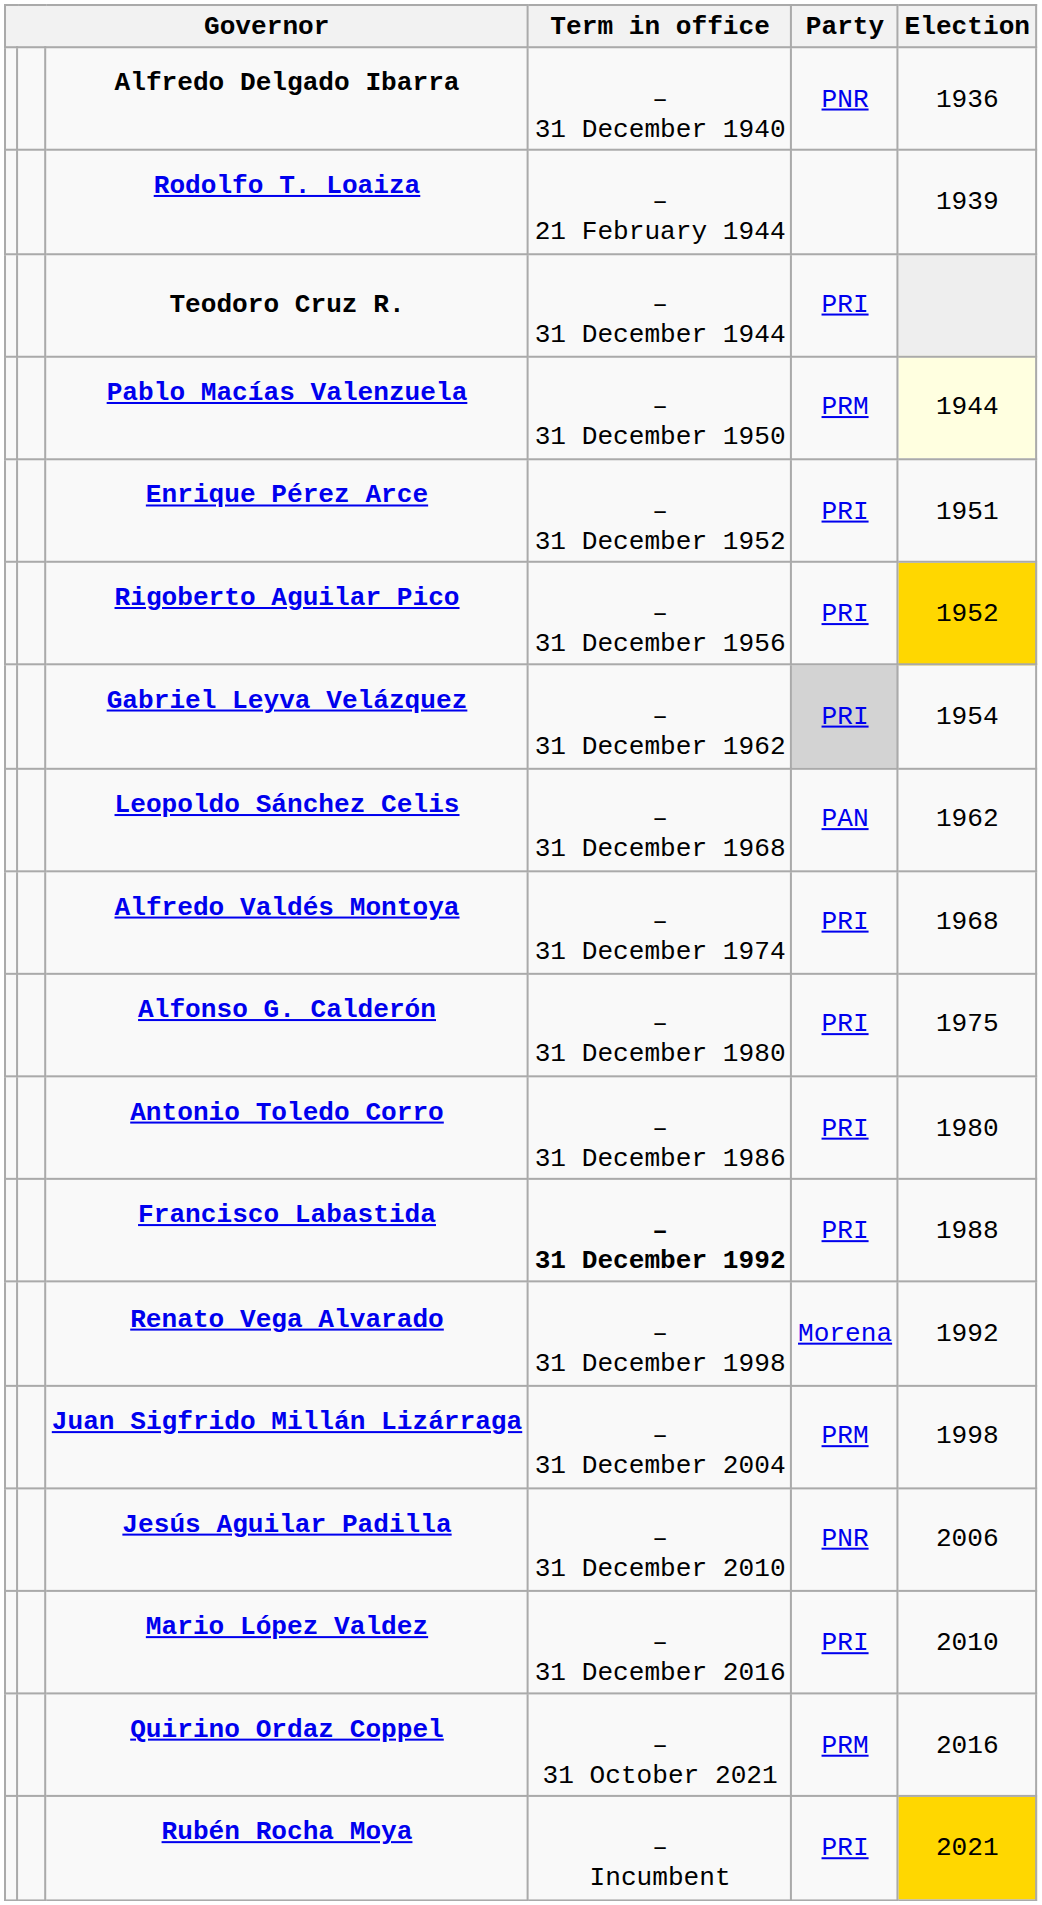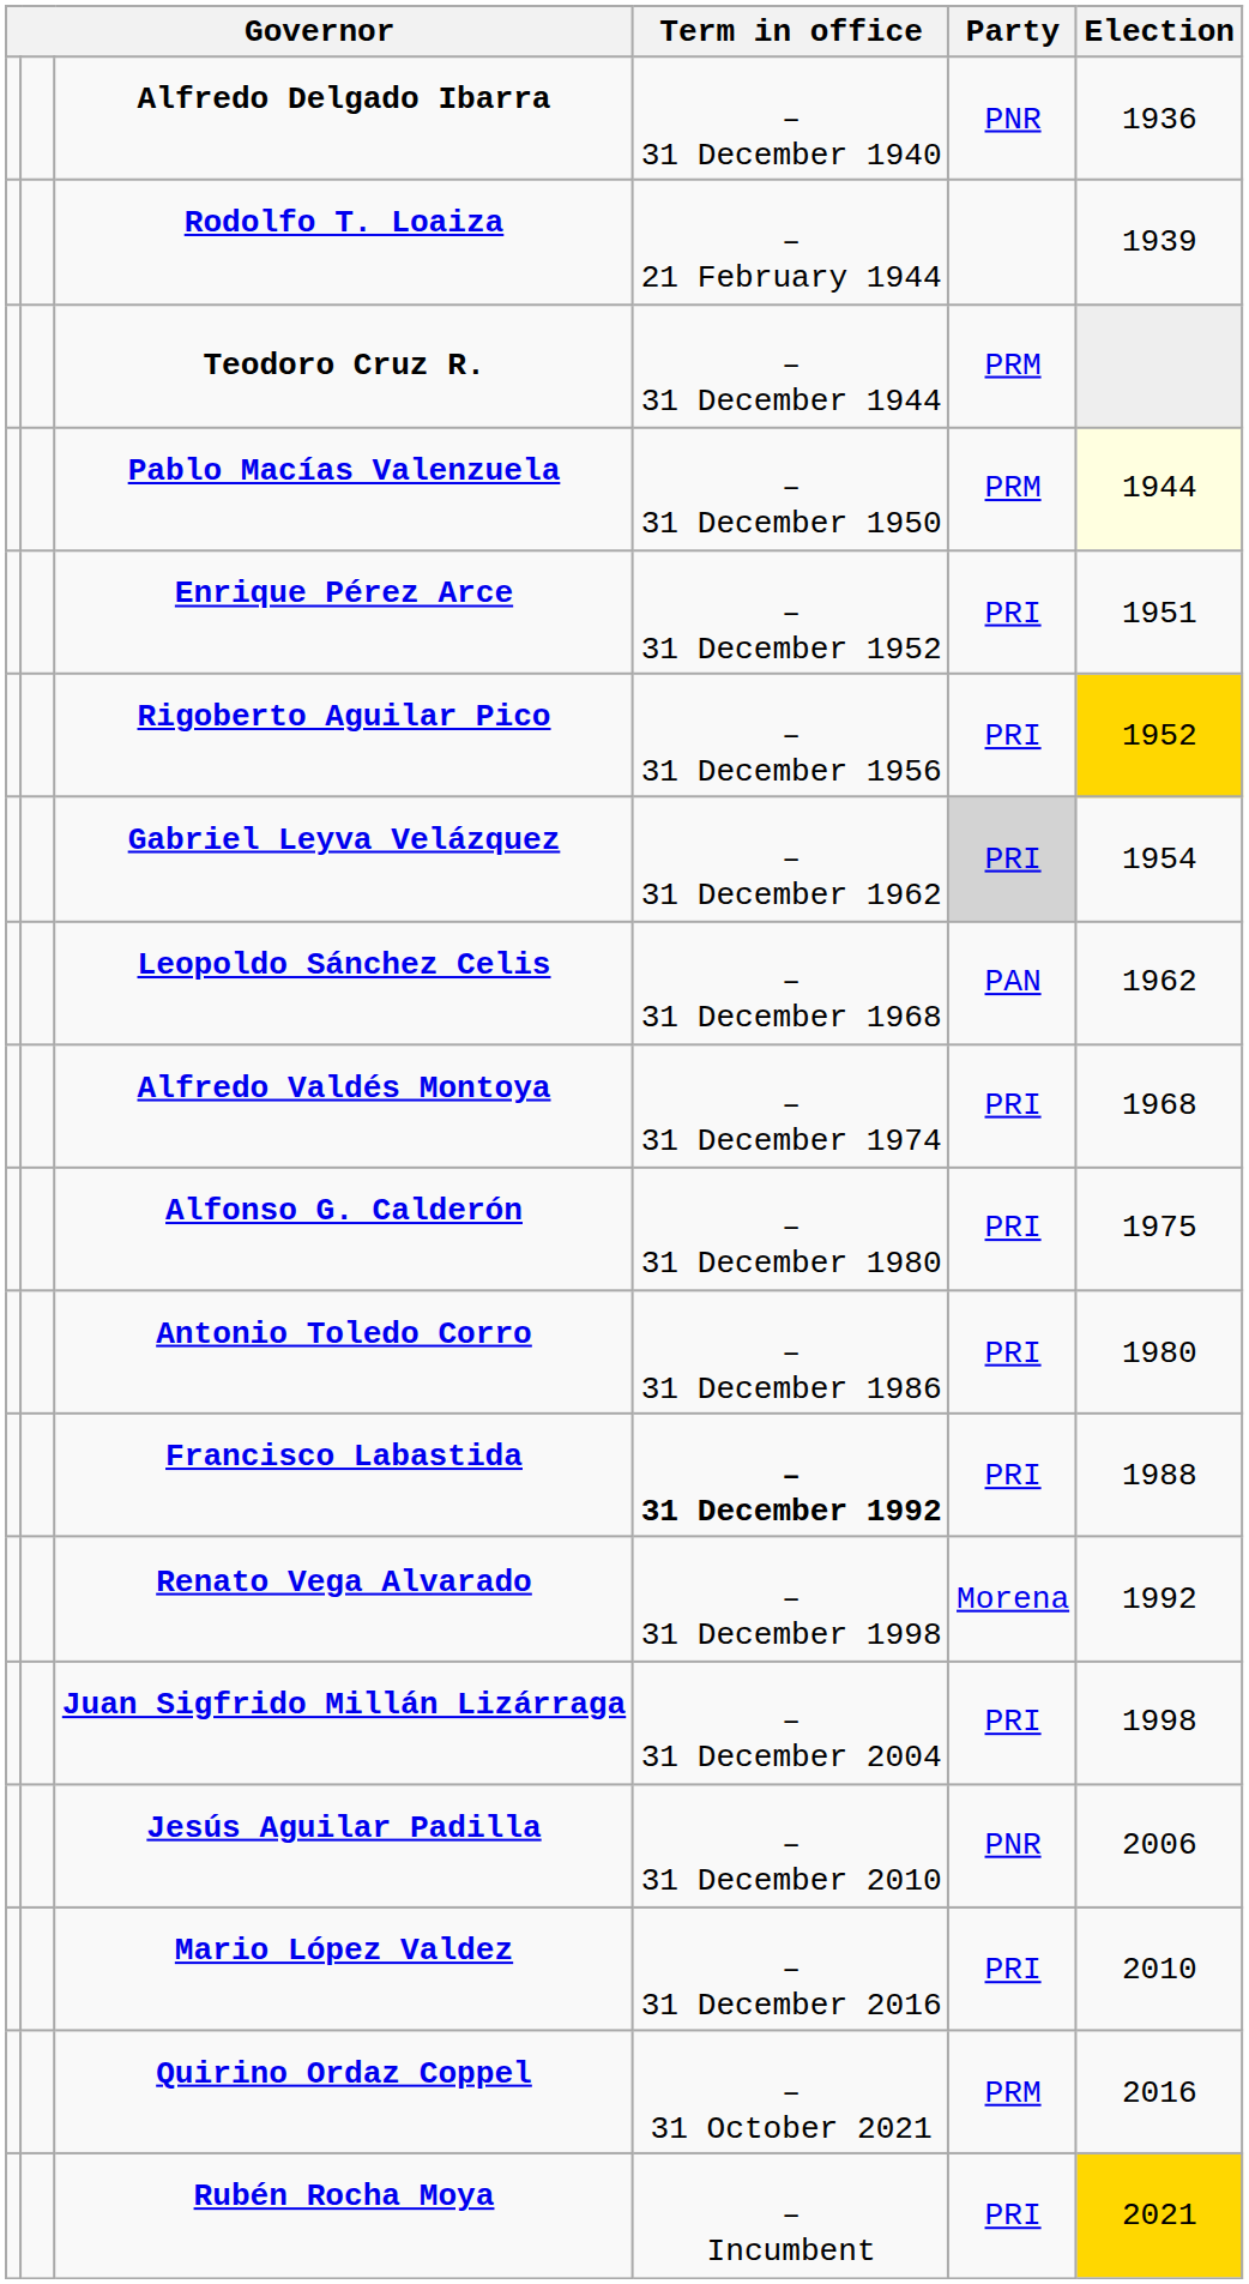 <table class="wikitable sortable mw-collapsible sticky-header-multi" style="text-align:center;">
 <tr>
 <th scope="colgroup" colspan="3">Governor</th>
 <th scope="col">Term in office</th>
 <th scope="col">Party</th>
 <th scope="col">Election</th>
 </tr>
 <tr style="height:2em;">
 <td data-sort-value="Delgado Ibarra, Alfredo"></td>
 <td style="background: "> </td>
 <td><strong>Alfredo Delgado Ibarra</strong><br><br></td>
 <td><br>–<br>31 December 1940</td>
 <td><a href='#'>PNR</a></td>
 <td>1936</td>
 </tr>
 <tr style="height:2em;">
 <td data-sort-value="Loaiza Tostado, Rodolfo"></td>
 <td style="background: "> </td>
 <td><strong><a href='#'>Rodolfo T. Loaiza</a></strong><br><br></td>
 <td><br>–<br>21 February 1944<br></td>
 <td></td>
 <td>1939</td>
 </tr>
 <tr style="height:2em;">
 <td data-sort-value="Cruz Ricardo, Teodoro"></td>
 <td style="background: "> </td>
 <td><strong>Teodoro Cruz R.</strong></td>
 <td><br>–<br>31 December 1944</td>
-<td><a href='#'>PRI</a></td>
+<td><a href='#'>PRM</a></td>
 <td style="background:#EEEEEE;"></td>
 </tr>
 <tr style="height:2em;">
 <td data-sort-value="Macías Valenzuela, Pablo"></td>
 <td style="background: "> </td>
 <td><strong><a href='#'>Pablo Macías Valenzuela</a></strong><br><br></td>
 <td><br>–<br>31 December 1950</td>
 <td><a href='#'>PRM</a></td>
 <td style="background: lightyellow;">1944</td>
 </tr>
 <tr style="height:2em;">
 <td data-sort-value="Pérez Arce, Enrique"></td>
 <td style="background: "> </td>
 <td><strong><a href='#'>Enrique Pérez Arce</a></strong><br><br></td>
 <td><br>–<br>31 December 1952</td>
 <td><a href='#'>PRI</a></td>
 <td>1951</td>
 </tr>
 <tr style="height:2em;">
 <td data-sort-value="Aguilar Pico, Rigoberto"></td>
 <td style="background: "> </td>
 <td><strong><a href='#'>Rigoberto Aguilar Pico</a></strong><br><br></td>
 <td><br>–<br>31 December 1956</td>
 <td><a href='#'>PRI</a></td>
 <td style="background: gold;">1952</td>
 </tr>
 <tr style="height:2em;">
 <td data-sort-value="Leyva Velázquez, Gabriel"></td>
 <td style="background: "> </td>
 <td><strong><a href='#'>Gabriel Leyva Velázquez</a></strong><br><br></td>
 <td><br>–<br>31 December 1962</td>
 <td style="background: lightgrey;"><a href='#'>PRI</a></td>
 <td>1954</td>
 </tr>
 <tr style="height:2em;">
 <td data-sort-value="Sánchez Celis, Leopoldo"></td>
 <td style="background: "> </td>
 <td><strong><a href='#'>Leopoldo Sánchez Celis</a></strong><br><br></td>
 <td><br>–<br>31 December 1968</td>
 <td><a href='#'>PAN</a></td>
 <td>1962</td>
 </tr>
 <tr style="height:2em;">
 <td data-sort-value="Valdés Montoya, Alfredo"></td>
 <td style="background: "> </td>
 <td><strong><a href='#'>Alfredo Valdés Montoya</a></strong><br><br></td>
 <td><br>–<br>31 December 1974</td>
 <td><a href='#'>PRI</a></td>
 <td>1968</td>
 </tr>
 <tr style="height:2em;">
 <td data-sort-value="Calderón Velarde, Alfonso"></td>
 <td style="background: "> </td>
 <td><strong><a href='#'>Alfonso G. Calderón</a></strong><br><br></td>
 <td><br>–<br>31 December 1980</td>
 <td><a href='#'>PRI</a></td>
 <td>1975</td>
 </tr>
 <tr style="height:2em;">
 <td data-sort-value="Toledo Corro, Antonio"></td>
 <td style="background: "> </td>
 <td><strong><a href='#'>Antonio Toledo Corro</a></strong><br><br></td>
 <td><br>–<br>31 December 1986</td>
 <td><a href='#'>PRI</a></td>
 <td>1980</td>
 </tr>
 <tr style="height:2em;">
 <td data-sort-value="Labastida Ochoa, Francisco"></td>
 <td style="background: "> </td>
 <td><strong><a href='#'>Francisco Labastida</a></strong><br><br></td>
 <td><strong><br>–<br>31 December 1992</strong></td>
 <td><a href='#'>PRI</a></td>
 <td>1988</td>
 </tr>
 <tr style="height:2em;">
 <td data-sort-value="Vega Alvarado, Renato"></td>
 <td style="background: "> </td>
 <td><strong><a href='#'>Renato Vega Alvarado</a></strong><br><br></td>
 <td><br>–<br>31 December 1998</td>
 <td><a href='#'>Morena</a></td>
 <td>1992</td>
 </tr>
 <tr style="height:2em;">
 <td data-sort-value="Millán Lizárraga, Juan Sigfrido"></td>
 <td style="background: "> </td>
 <td><strong><a href='#'>Juan Sigfrido Millán Lizárraga</a></strong><br><br></td>
 <td><br>–<br>31 December 2004</td>
-<td><a href='#'>PRM</a></td>
+<td><a href='#'>PRI</a></td>
 <td>1998</td>
 </tr>
 <tr style="height:2em;">
 <td data-sort-value="Aguilar Padilla, Jesús"></td>
 <td style="background: "> </td>
 <td><strong><a href='#'>Jesús Aguilar Padilla</a></strong><br><br></td>
 <td><br>–<br>31 December 2010</td>
 <td><a href='#'>PNR</a></td>
 <td>2006</td>
 </tr>
 <tr style="height:2em;">
 <td data-sort-value="López Valdez, Mario"></td>
 <td style="background: "> </td>
 <td><strong><a href='#'>Mario López Valdez</a></strong><br><br></td>
 <td><br>–<br>31 December 2016</td>
 <td><a href='#'>PRI</a></td>
 <td>2010</td>
 </tr>
 <tr style="height:2em;">
 <td data-sort-value="Ordaz Coppel, Quirino"></td>
 <td style="background: "> </td>
 <td><strong><a href='#'>Quirino Ordaz Coppel</a></strong><br><br></td>
 <td><br>–<br>31 October 2021</td>
 <td><a href='#'>PRM</a></td>
 <td>2016</td>
 </tr>
 <tr style="height:2em;">
 <td data-sort-value="Rocha Moya, Rubén"></td>
 <td style="background: "> </td>
 <td><strong><a href='#'>Rubén Rocha Moya</a></strong><br><br></td>
 <td><br>–<br>Incumbent</td>
 <td><a href='#'>PRI</a></td>
 <td style="background: gold;">2021</td>
 </tr>
 </table>
